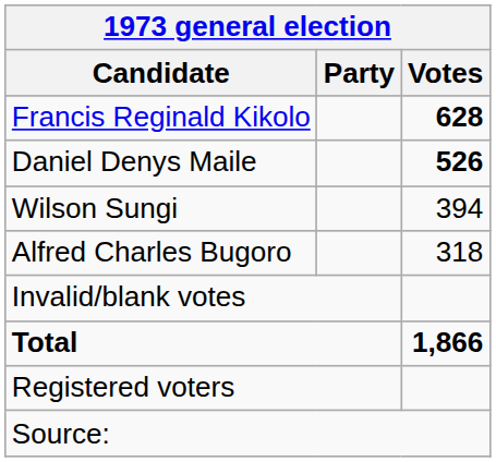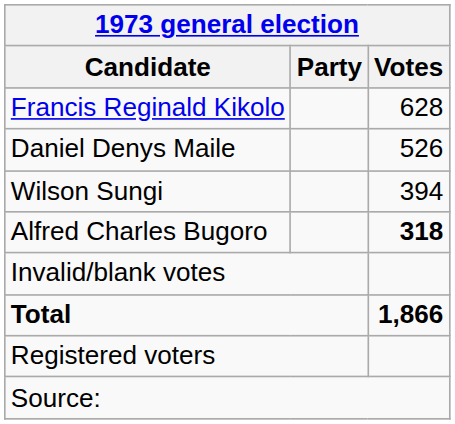 <table class=wikitable style=text-align:left>
 <tr>
 <th colspan=3><a href='#'>1973 general election</a></th>
 </tr>
 <tr>
 <th>Candidate</th>
 <th>Party</th>
 <th>Votes</th>
 </tr>
 <tr>
 <td><a href='#'>Francis Reginald Kikolo</a></td>
 <td></td>
-<td align=right><strong>628</strong></td>
+<td align=right>628</td>
 </tr>
 <tr>
 <td>Daniel Denys Maile</td>
 <td></td>
-<td align=right><strong>526</strong></td>
+<td align=right>526</td>
 </tr>
 <tr>
 <td>Wilson Sungi</td>
 <td></td>
 <td align=right>394</td>
 </tr>
 <tr>
 <td>Alfred Charles Bugoro</td>
 <td></td>
-<td align=right>318</td>
+<td align=right><strong>318</strong></td>
 </tr>
 <tr>
 <td colspan=2>Invalid/blank votes</td>
 <td></td>
 </tr>
 <tr>
 <td colspan=2><strong>Total</strong></td>
 <td align=right><strong>1,866</strong></td>
 </tr>
 <tr>
 <td colspan=2>Registered voters</td>
 <td align=right></td>
 </tr>
 <tr>
 <td colspan=3>Source: </td>
 </tr>
 </table>
